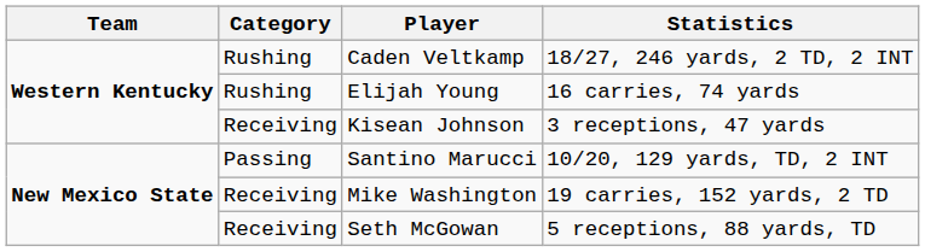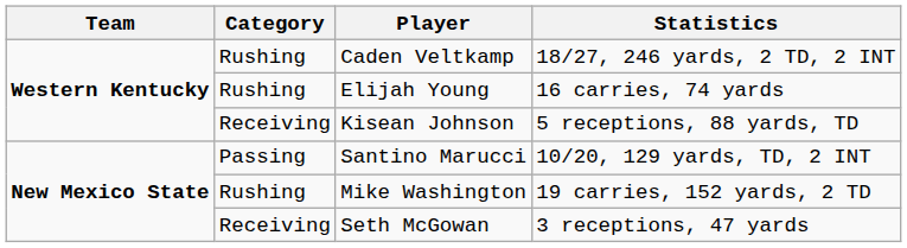 <table class="wikitable" style="float: right;">
 <tr>
 <th>Team</th>
 <th>Category</th>
 <th>Player</th>
 <th>Statistics</th>
 </tr>
 <tr>
 <td rowspan=3><strong>Western Kentucky</strong></td>
 <td>Rushing</td>
 <td>Caden Veltkamp</td>
 <td>18/27, 246 yards, 2 TD, 2 INT</td>
 </tr>
 <tr>
 <td>Rushing</td>
 <td>Elijah Young</td>
 <td>16 carries, 74 yards</td>
 </tr>
 <tr>
 <td>Receiving</td>
 <td>Kisean Johnson</td>
-<td>3 receptions, 47 yards</td>
+<td>5 receptions, 88 yards, TD</td>
 </tr>
 <tr>
 <td rowspan=3><strong>New Mexico State</strong></td>
 <td>Passing</td>
 <td>Santino Marucci</td>
 <td>10/20, 129 yards, TD, 2 INT</td>
 </tr>
 <tr>
-<td>Receiving</td>
+<td>Rushing</td>
 <td>Mike Washington</td>
 <td>19 carries, 152 yards, 2 TD</td>
 </tr>
 <tr>
 <td>Receiving</td>
 <td>Seth McGowan</td>
-<td>5 receptions, 88 yards, TD</td>
+<td>3 receptions, 47 yards</td>
 </tr>
 </table>
